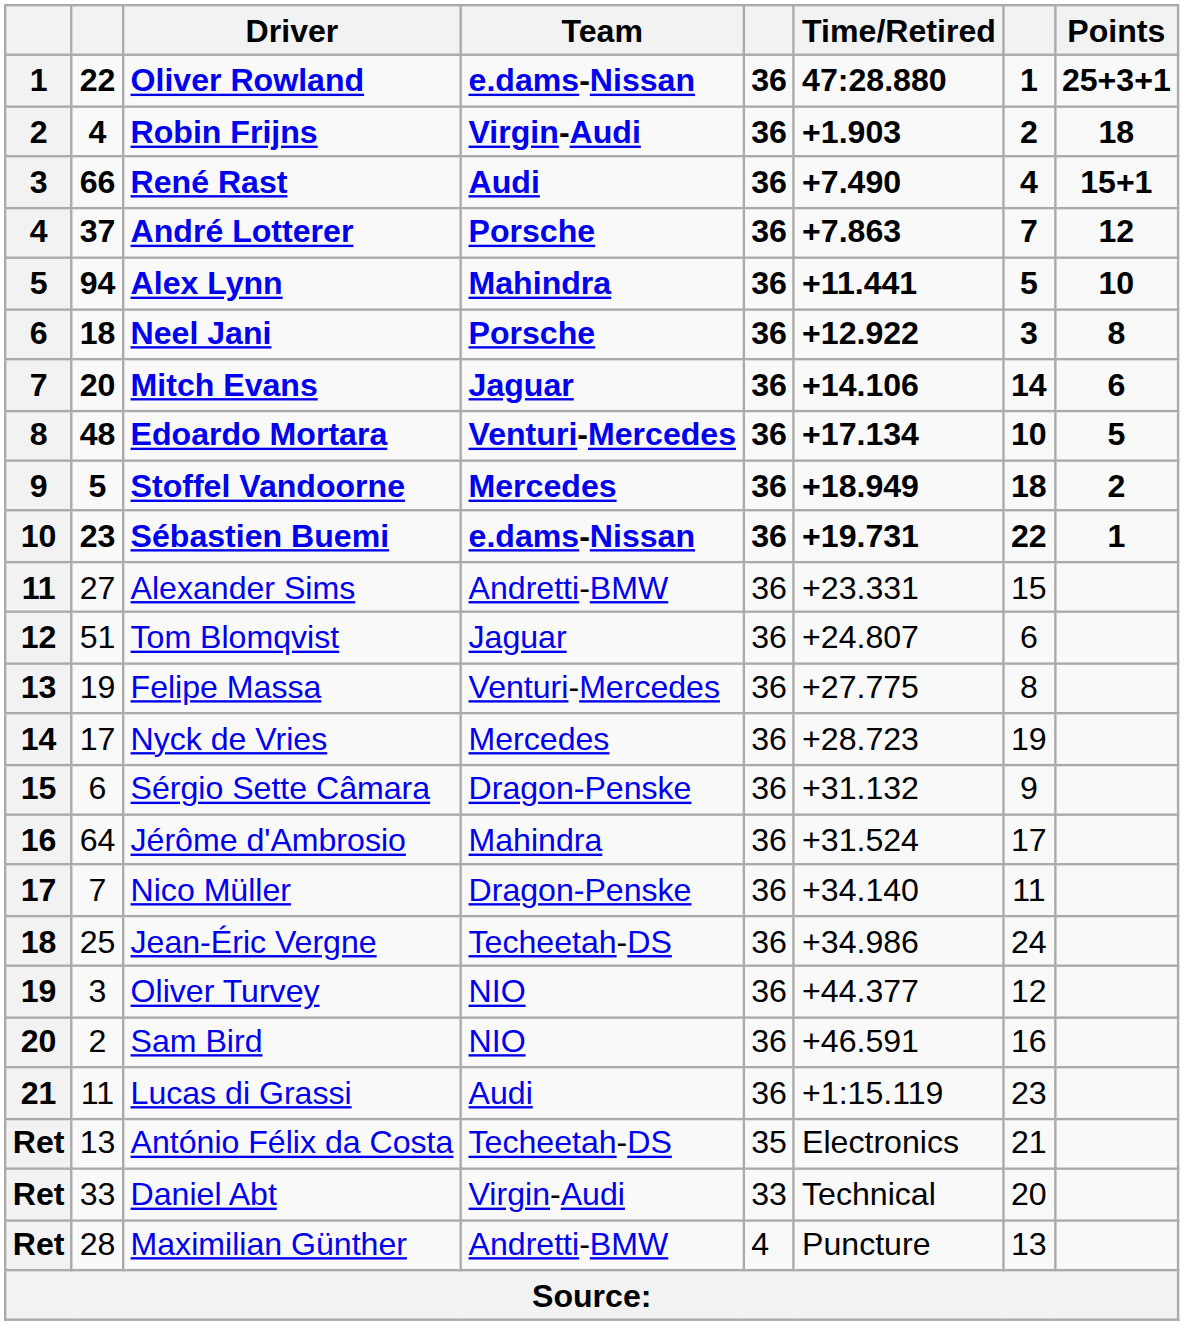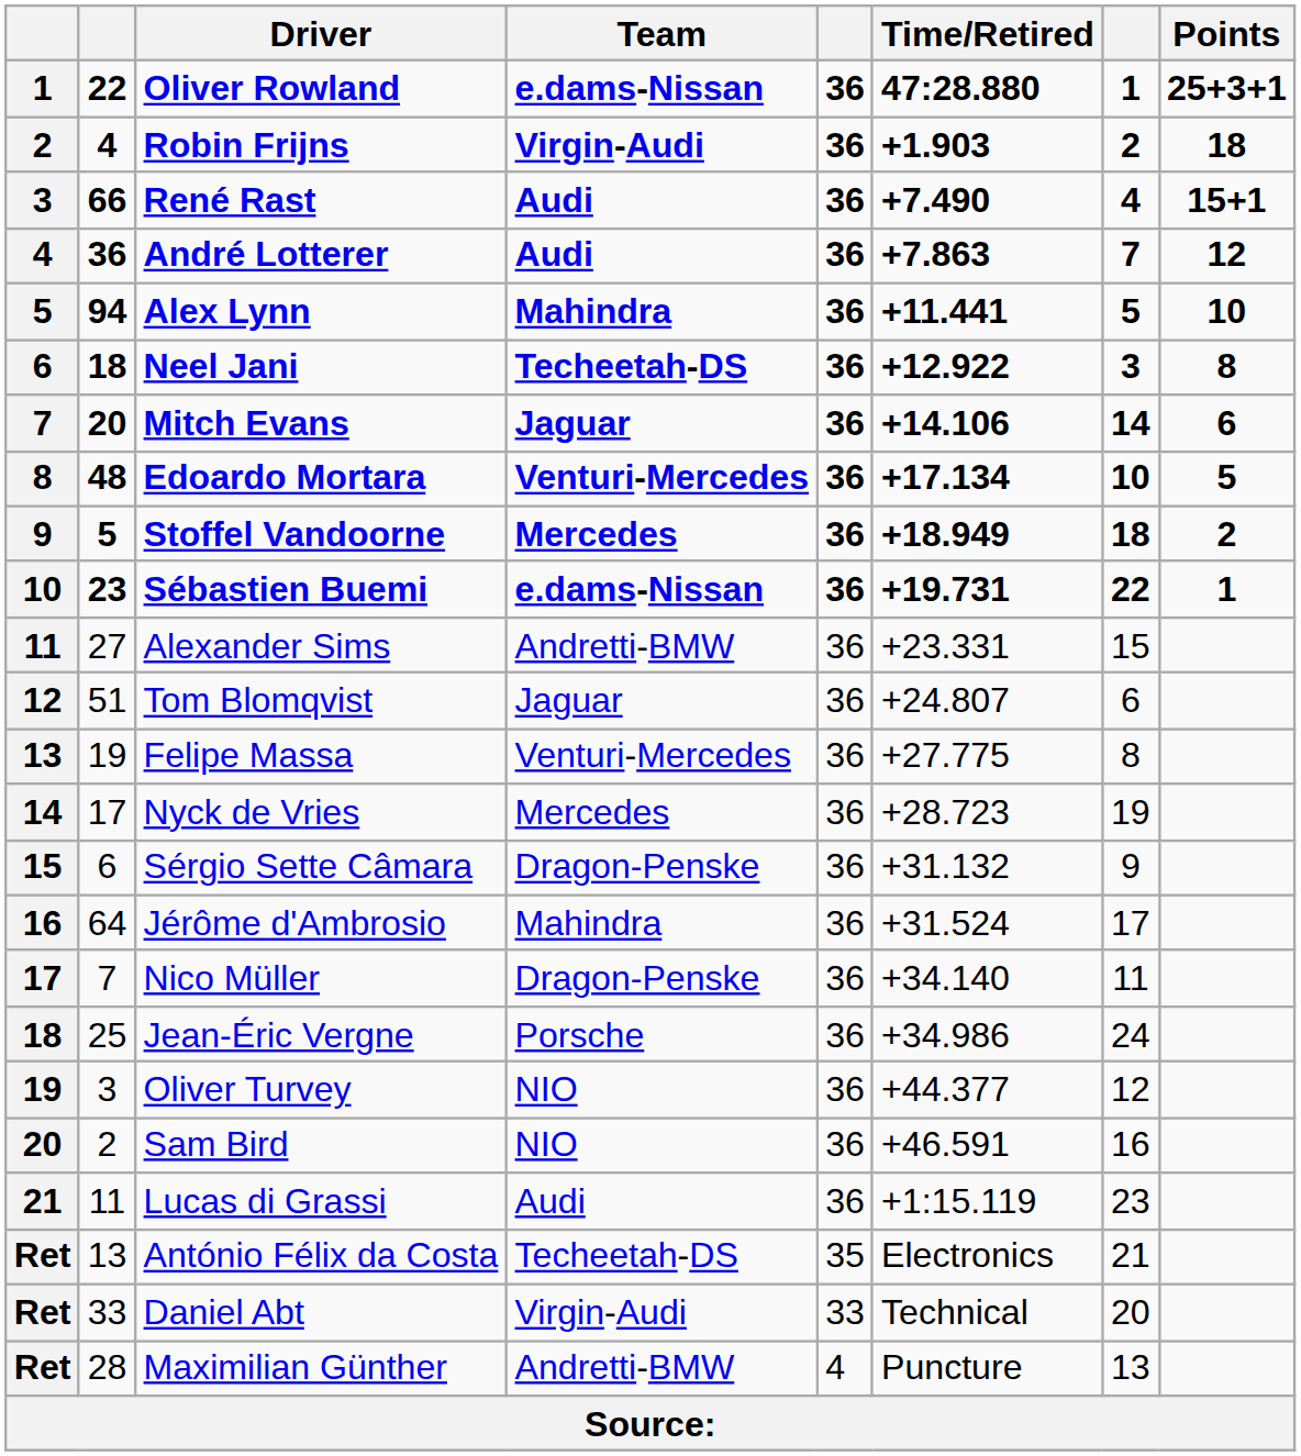 <table class="wikitable" style="font-size: 85%">
 <tr>
 <th scope="col"></th>
 <th scope="col"></th>
 <th scope="col">Driver</th>
 <th scope="col">Team</th>
 <th scope="col"></th>
 <th scope="col">Time/Retired</th>
 <th scope="col"></th>
 <th scope="col">Points</th>
 </tr>
 <tr style="font-weight:bold">
 <th scope="row">1</th>
 <td align="center">22</td>
 <td data-sort-value="ROW"> <a href='#'>Oliver Rowland</a></td>
 <td><a href='#'>e.dams</a>-<a href='#'>Nissan</a></td>
 <td>36</td>
 <td>47:28.880</td>
 <td align="center">1</td>
 <td align="center">25+3+1</td>
 </tr>
 <tr style="font-weight:bold">
 <th scope="row">2</th>
 <td align="center">4</td>
 <td data-sort-value="FRI"> <a href='#'>Robin Frijns</a></td>
 <td><a href='#'>Virgin</a>-<a href='#'>Audi</a></td>
 <td>36</td>
 <td>+1.903</td>
 <td align="center">2</td>
 <td align="center">18</td>
 </tr>
 <tr style="font-weight:bold">
 <th scope="row">3</th>
 <td align="center">66</td>
 <td data-sort-value="RAS"> <a href='#'>René Rast</a></td>
 <td><a href='#'>Audi</a></td>
 <td>36</td>
 <td>+7.490</td>
 <td align="center">4</td>
 <td align="center">15+1</td>
 </tr>
 <tr style="font-weight:bold">
 <th scope="row">4</th>
-<td align="center">37</td>
+<td align="center">36</td>
 <td data-sort-value="LOT"> <a href='#'>André Lotterer</a></td>
-<td><a href='#'>Porsche</a></td>
+<td><a href='#'>Audi</a></td>
 <td>36</td>
 <td>+7.863</td>
 <td align="center">7</td>
 <td align="center">12</td>
 </tr>
 <tr style="font-weight:bold">
 <th scope="row">5</th>
 <td align="center">94</td>
 <td data-sort-value="LYN"> <a href='#'>Alex Lynn</a></td>
 <td><a href='#'>Mahindra</a></td>
 <td>36</td>
 <td>+11.441</td>
 <td align="center">5</td>
 <td align="center">10</td>
 </tr>
 <tr style="font-weight:bold">
 <th scope="row">6</th>
 <td align="center">18</td>
 <td data-sort-value="JAN"> <a href='#'>Neel Jani</a></td>
-<td><a href='#'>Porsche</a></td>
+<td><a href='#'>Techeetah</a>-<a href='#'>DS</a></td>
 <td>36</td>
 <td>+12.922</td>
 <td align="center">3</td>
 <td align="center">8</td>
 </tr>
 <tr style="font-weight:bold">
 <th scope="row">7</th>
 <td align="center">20</td>
 <td data-sort-value="EVA"> <a href='#'>Mitch Evans</a></td>
 <td><a href='#'>Jaguar</a></td>
 <td>36</td>
 <td>+14.106</td>
 <td align="center">14</td>
 <td align="center">6</td>
 </tr>
 <tr style="font-weight:bold">
 <th scope="row">8</th>
 <td align="center">48</td>
 <td data-sort-value="MOR"> <a href='#'>Edoardo Mortara</a></td>
 <td><a href='#'>Venturi</a>-<a href='#'>Mercedes</a></td>
 <td>36</td>
 <td>+17.134</td>
 <td align="center">10</td>
 <td align="center">5</td>
 </tr>
 <tr style="font-weight:bold">
 <th scope="row">9</th>
 <td align="center">5</td>
 <td data-sort-value="VAN"> <a href='#'>Stoffel Vandoorne</a></td>
 <td><a href='#'>Mercedes</a></td>
 <td>36</td>
 <td>+18.949</td>
 <td align="center">18</td>
 <td align="center">2</td>
 </tr>
 <tr style="font-weight:bold">
 <th scope="row">10</th>
 <td align="center">23</td>
 <td data-sort-value="BUE"> <a href='#'>Sébastien Buemi</a></td>
 <td><a href='#'>e.dams</a>-<a href='#'>Nissan</a></td>
 <td>36</td>
 <td>+19.731</td>
 <td align="center">22</td>
 <td align="center">1</td>
 </tr>
 <tr>
 <th scope="row">11</th>
 <td align="center">27</td>
 <td data-sort-value="SIM"> <a href='#'>Alexander Sims</a></td>
 <td><a href='#'>Andretti</a>-<a href='#'>BMW</a></td>
 <td>36</td>
 <td>+23.331</td>
 <td align="center">15</td>
 <td></td>
 </tr>
 <tr>
 <th scope="row">12</th>
 <td align="center">51</td>
 <td data-sort-value="CAL"> <a href='#'>Tom Blomqvist</a></td>
 <td><a href='#'>Jaguar</a></td>
 <td>36</td>
 <td>+24.807</td>
 <td align="center">6</td>
 <td></td>
 </tr>
 <tr>
 <th scope="row">13</th>
 <td align="center">19</td>
 <td data-sort-value="MAS"> <a href='#'>Felipe Massa</a></td>
 <td><a href='#'>Venturi</a>-<a href='#'>Mercedes</a></td>
 <td>36</td>
 <td>+27.775</td>
 <td align="center">8</td>
 <td></td>
 </tr>
 <tr>
 <th scope="row">14</th>
 <td align="center">17</td>
 <td data-sort-value="DEV"> <a href='#'>Nyck de Vries</a></td>
 <td><a href='#'>Mercedes</a></td>
 <td>36</td>
 <td>+28.723</td>
 <td align="center">19</td>
 <td></td>
 </tr>
 <tr>
 <th scope="row">15</th>
 <td align="center">6</td>
 <td data-sort-value="SET"> <a href='#'>Sérgio Sette Câmara</a></td>
 <td><a href='#'>Dragon-Penske</a></td>
 <td>36</td>
 <td>+31.132</td>
 <td align="center">9</td>
 <td></td>
 </tr>
 <tr>
 <th scope="row">16</th>
 <td align="center">64</td>
 <td data-sort-value="DAM"> <a href='#'>Jérôme d'Ambrosio</a></td>
 <td><a href='#'>Mahindra</a></td>
 <td>36</td>
 <td>+31.524</td>
 <td align="center">17</td>
 <td></td>
 </tr>
 <tr>
 <th scope="row">17</th>
 <td align="center">7</td>
 <td data-sort-value="MUL"> <a href='#'>Nico Müller</a></td>
 <td><a href='#'>Dragon-Penske</a></td>
 <td>36</td>
 <td>+34.140</td>
 <td align="center">11</td>
 <td></td>
 </tr>
 <tr>
 <th scope="row">18</th>
 <td align="center">25</td>
 <td data-sort-value="VER"> <a href='#'>Jean-Éric Vergne</a></td>
-<td><a href='#'>Techeetah</a>-<a href='#'>DS</a></td>
+<td><a href='#'>Porsche</a></td>
 <td>36</td>
 <td>+34.986</td>
 <td align="center">24</td>
 <td></td>
 </tr>
 <tr>
 <th scope="row">19</th>
 <td align="center">3</td>
 <td data-sort-value="TUR"> <a href='#'>Oliver Turvey</a></td>
 <td><a href='#'>NIO</a></td>
 <td>36</td>
 <td>+44.377</td>
 <td align="center">12</td>
 <td></td>
 </tr>
 <tr>
 <th scope="row">20</th>
 <td align="center">2</td>
 <td data-sort-value="BIR"> <a href='#'>Sam Bird</a></td>
 <td><a href='#'>NIO</a></td>
 <td>36</td>
 <td>+46.591</td>
 <td align="center">16</td>
 <td></td>
 </tr>
 <tr>
 <th scope="row">21</th>
 <td align="center">11</td>
 <td data-sort-value="DIG"> <a href='#'>Lucas di Grassi</a></td>
 <td><a href='#'>Audi</a></td>
 <td>36</td>
 <td>+1:15.119</td>
 <td align="center">23</td>
 <td></td>
 </tr>
 <tr>
 <th scope="row">Ret</th>
 <td align="center">13</td>
 <td data-sort-value="COS"> <a href='#'>António Félix da Costa</a></td>
 <td><a href='#'>Techeetah</a>-<a href='#'>DS</a></td>
 <td>35</td>
 <td>Electronics</td>
 <td align="center">21</td>
 <td></td>
 </tr>
 <tr>
 <th scope="row">Ret</th>
 <td align="center">33</td>
 <td data-sort-value="ABT"> <a href='#'>Daniel Abt</a></td>
 <td><a href='#'>Virgin</a>-<a href='#'>Audi</a></td>
 <td>33</td>
 <td>Technical</td>
 <td align="center">20</td>
 <td></td>
 </tr>
 <tr>
 <th scope="row">Ret</th>
 <td align="center">28</td>
 <td data-sort-value="GUN"> <a href='#'>Maximilian Günther</a></td>
 <td><a href='#'>Andretti</a>-<a href='#'>BMW</a></td>
 <td>4</td>
 <td>Puncture</td>
 <td align="center">13</td>
 <td></td>
 </tr>
 <tr>
 <th colspan=8>Source:</th>
 </tr>
 </table>
